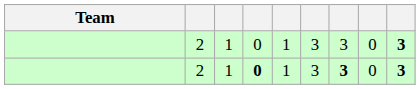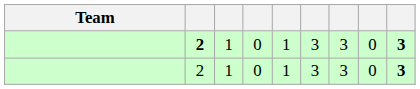 <table class=wikitable style="text-align:center">
 <tr>
 <th width="165">Team</th>
 <th width="20"></th>
 <th width="20"></th>
 <th width="20"></th>
 <th width="20"></th>
 <th width="20"></th>
 <th width="20"></th>
 <th width="20"></th>
 <th width="20"></th>
 </tr>
 <tr bgcolor=ccffcc>
 <td align=left></td>
-<td>2</td>
+<td><strong>2</strong></td>
 <td>1</td>
 <td>0</td>
 <td>1</td>
 <td>3</td>
 <td>3</td>
 <td>0</td>
 <td><strong>3</strong></td>
 </tr>
 <tr bgcolor=ccffcc>
 <td align=left></td>
 <td>2</td>
 <td>1</td>
-<td><strong>0</strong></td>
+<td>0</td>
 <td>1</td>
 <td>3</td>
-<td><strong>3</strong></td>
+<td>3</td>
 <td>0</td>
 <td><strong>3</strong></td>
 </tr>
 </table>
